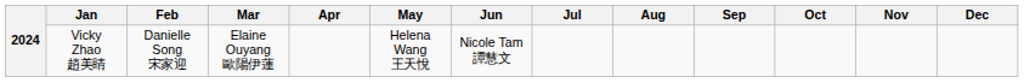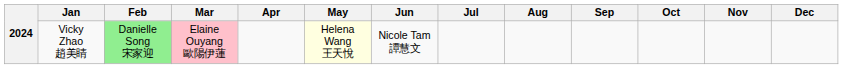 <table class="wikitable"  border="1" style="width:100%;text-align: center">
 <tr>
 <th width="4%" rowspan=2>2024</th>
 <th width="8%">Jan</th>
 <th width="8%">Feb</th>
 <th width="8%">Mar</th>
 <th width="8%">Apr</th>
 <th width="8%">May</th>
 <th width="8%">Jun</th>
 <th width="8%">Jul</th>
 <th width="8%">Aug</th>
 <th width="8%">Sep</th>
 <th width="8%">Oct</th>
 <th width="8%">Nov</th>
 <th width="8%">Dec</th>
 </tr>
 <tr>
 <td>Vicky<br>Zhao<br>趙美睛</td>
-<td>Danielle Song<br>宋家迎</td>
-<td>Elaine Ouyang<br>歐陽伊蓮</td>
+<td style="background: lightgreen;">Danielle Song<br>宋家迎</td>
+<td style="background: pink;">Elaine Ouyang<br>歐陽伊蓮</td>
 <td></td>
-<td>Helena Wang<br>王天悅</td>
+<td style="background: lightyellow;">Helena Wang<br>王天悅</td>
 <td>Nicole Tam<br>譚慧文</td>
 <td></td>
 <td></td>
 <td></td>
 <td></td>
 <td></td>
 <td></td>
 </tr>
 </table>
